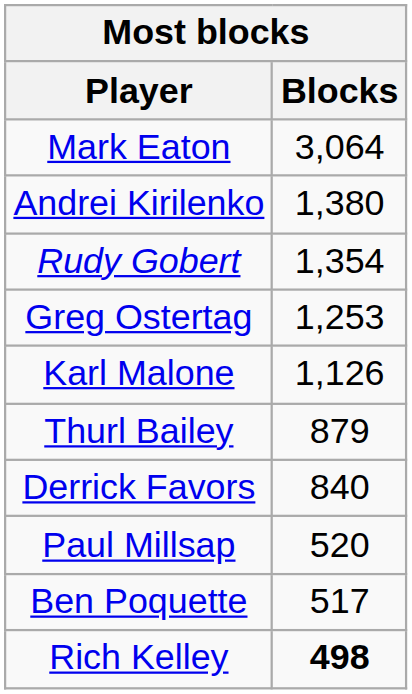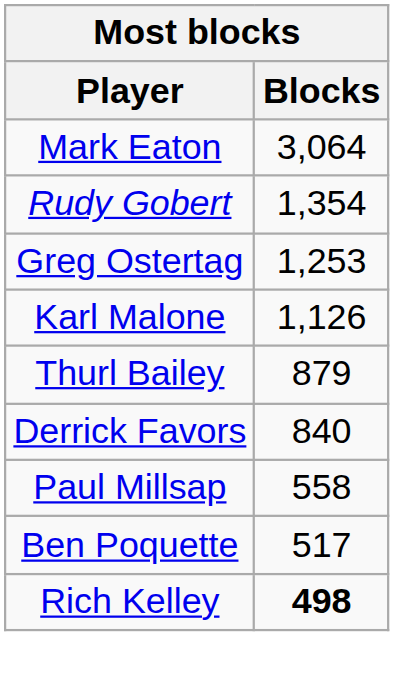 <table class="wikitable sortable" style="text-align:center">
 <tr>
 <th colspan="2" style="text-align:center; ">Most blocks</th>
 </tr>
 <tr>
 <th style="text-align:center; ">Player</th>
 <th style="text-align:center; ">Blocks</th>
 </tr>
 <tr>
 <td><a href='#'>Mark Eaton</a></td>
 <td>3,064</td>
-</tr>
-<tr>
-<td><a href='#'>Andrei Kirilenko</a></td>
-<td>1,380</td>
 </tr>
 <tr>
 <td><em><a href='#'>Rudy Gobert</a></em></td>
 <td>1,354</td>
 </tr>
 <tr>
 <td><a href='#'>Greg Ostertag</a></td>
 <td>1,253</td>
 </tr>
 <tr>
 <td><a href='#'>Karl Malone</a></td>
 <td>1,126</td>
 </tr>
 <tr>
 <td><a href='#'>Thurl Bailey</a></td>
 <td>879</td>
 </tr>
 <tr>
 <td><a href='#'>Derrick Favors</a></td>
 <td>840</td>
 </tr>
 <tr>
 <td><a href='#'>Paul Millsap</a></td>
-<td>520</td>
+<td>558</td>
 </tr>
 <tr>
 <td><a href='#'>Ben Poquette</a></td>
 <td>517</td>
 </tr>
 <tr>
 <td><a href='#'>Rich Kelley</a></td>
 <td><strong>498</strong></td>
 </tr>
 </table>
